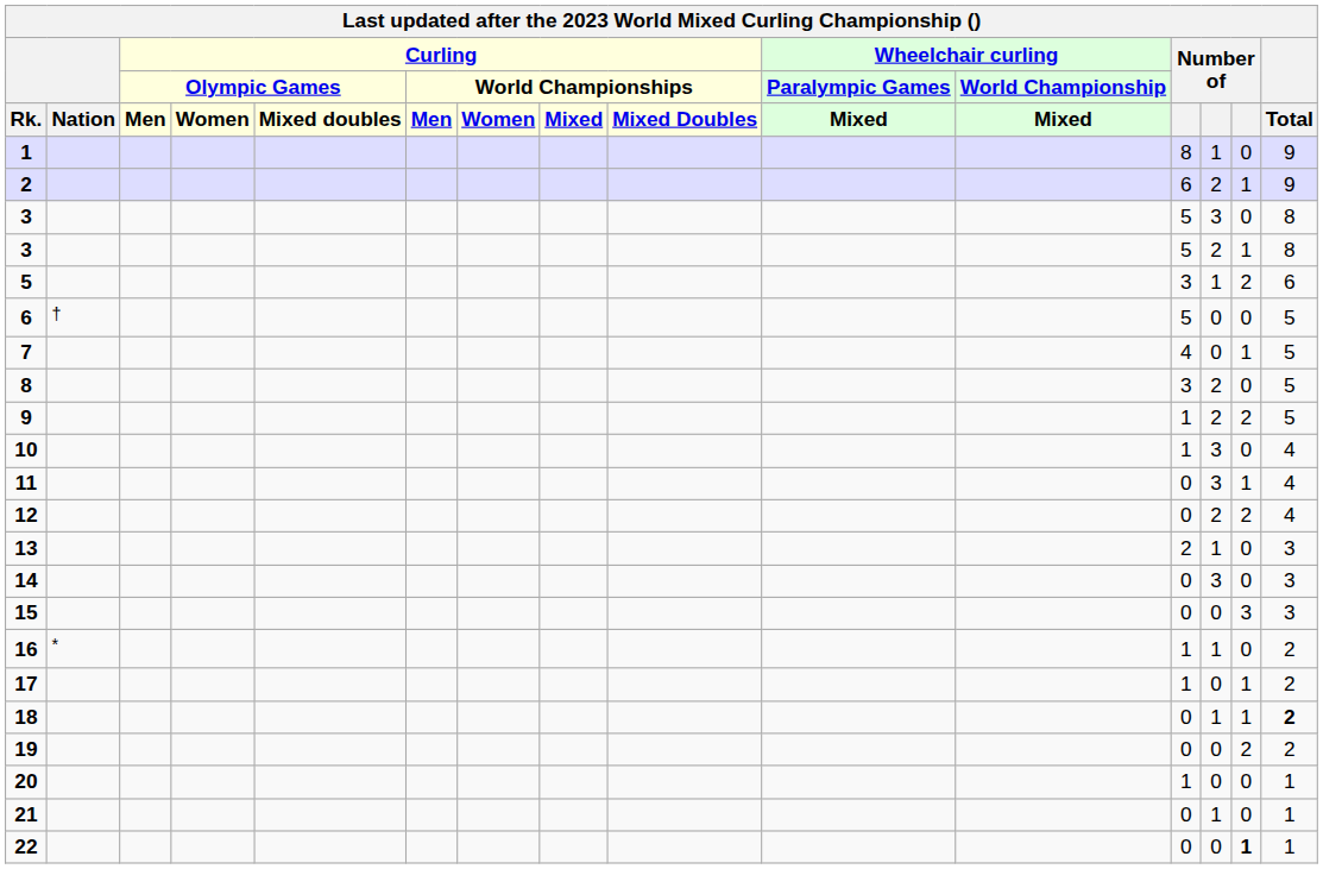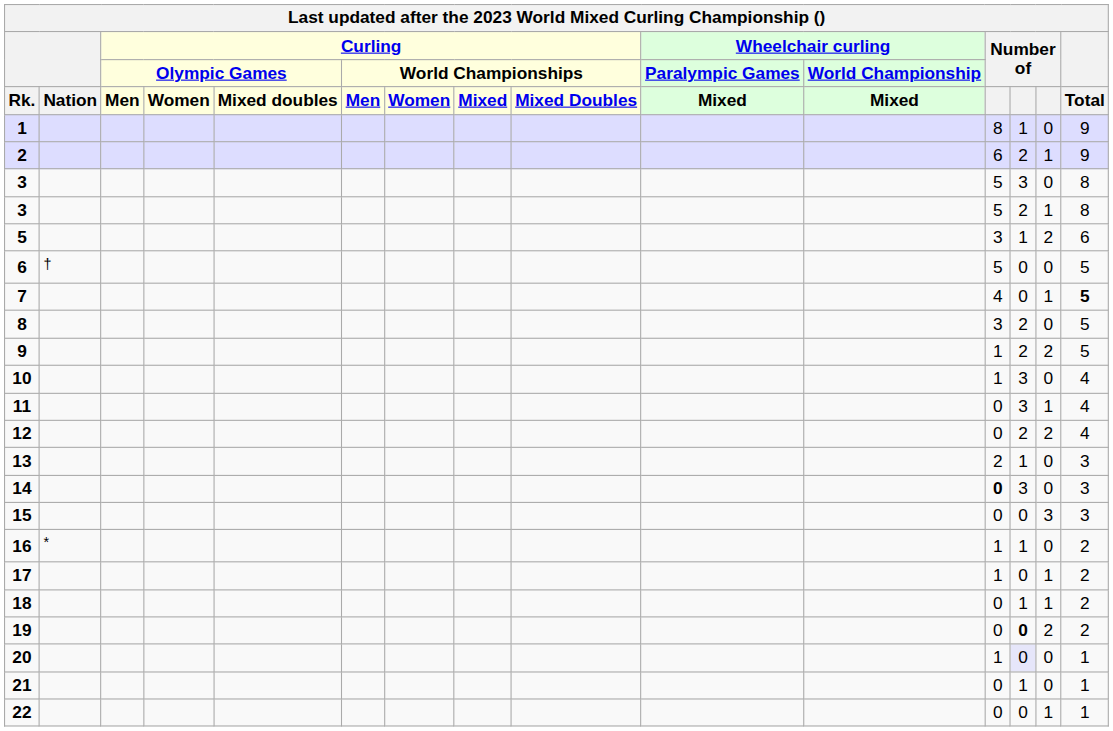 <table class="wikitable" style="margin-top: 0em; text-align: center; font-size: 100%;">
 <tr>
 <th colspan="15">Last updated after the 2023 World Mixed Curling Championship ()</th>
 </tr>
 <tr>
 <th rowspan="2" colspan="2"></th>
 <th colspan="7" style="background: #ffd;"><a href='#'>Curling</a></th>
 <th colspan="2" style="background: #dfd;"><a href='#'>Wheelchair curling</a></th>
 <th rowspan="2" colspan="3">Number of</th>
 <th rowspan="2"></th>
 </tr>
 <tr>
 <th colspan="3" style="background: #ffd;"><a href='#'>Olympic Games</a></th>
 <th colspan="4" style="background: #ffd;">World Championships</th>
 <th style="background: #dfd;"><a href='#'>Paralympic Games</a></th>
 <th style="background: #dfd;"><a href='#'>World Championship</a></th>
 </tr>
 <tr>
 <th style="width: 1em;">Rk.</th>
 <th>Nation</th>
 <th style="background: #ffd;">Men</th>
 <th style="background: #ffd;">Women</th>
 <th style="background: #ffd;">Mixed doubles</th>
 <th style="background: #ffd;"><a href='#'>Men</a></th>
 <th style="background: #ffd;"><a href='#'>Women</a></th>
 <th style="background: #ffd;"><a href='#'>Mixed</a></th>
 <th style="background: #ffd;"><a href='#'>Mixed Doubles</a></th>
 <th style="background: #dfd;">Mixed</th>
 <th style="background: #dfd;">Mixed</th>
 <th style="width: 1em;"></th>
 <th style="width: 1em;"></th>
 <th style="width: 1em;"></th>
 <th style="width: 1em;">Total</th>
 </tr>
 <tr style="background: #ddf;">
 <td><strong>1</strong></td>
 <td style="text-align: left;"></td>
 <td></td>
 <td></td>
 <td></td>
 <td></td>
 <td></td>
 <td></td>
 <td></td>
 <td></td>
 <td></td>
 <td>8</td>
 <td>1</td>
 <td>0</td>
 <td>9</td>
 </tr>
 <tr style="background: #ddf;">
 <td><strong>2</strong></td>
 <td style="text-align: left;"></td>
 <td></td>
 <td></td>
 <td></td>
 <td></td>
 <td></td>
 <td></td>
 <td></td>
 <td></td>
 <td></td>
 <td>6</td>
 <td>2</td>
 <td>1</td>
 <td>9</td>
 </tr>
 <tr>
 <td><strong>3</strong></td>
 <td style="text-align: left;"></td>
 <td></td>
 <td></td>
 <td></td>
 <td></td>
 <td></td>
 <td></td>
 <td></td>
 <td></td>
 <td></td>
 <td>5</td>
 <td>3</td>
 <td>0</td>
 <td>8</td>
 </tr>
 <tr>
 <td><strong>3</strong></td>
 <td style="text-align: left;"></td>
 <td></td>
 <td></td>
 <td></td>
 <td></td>
 <td></td>
 <td></td>
 <td></td>
 <td></td>
 <td></td>
 <td>5</td>
 <td>2</td>
 <td>1</td>
 <td>8</td>
 </tr>
 <tr>
 <td><strong>5</strong></td>
 <td style="text-align: left;"></td>
 <td></td>
 <td></td>
 <td></td>
 <td></td>
 <td></td>
 <td></td>
 <td></td>
 <td></td>
 <td></td>
 <td>3</td>
 <td>1</td>
 <td>2</td>
 <td>6</td>
 </tr>
 <tr>
 <td><strong>6</strong></td>
 <td style="text-align: left;"><sup>†</sup></td>
 <td></td>
 <td></td>
 <td></td>
 <td></td>
 <td></td>
 <td></td>
 <td></td>
 <td></td>
 <td></td>
 <td>5</td>
 <td>0</td>
 <td>0</td>
 <td>5</td>
 </tr>
 <tr>
 <td><strong>7</strong></td>
 <td style="text-align: left;"></td>
 <td></td>
 <td></td>
 <td></td>
 <td></td>
 <td></td>
 <td></td>
 <td></td>
 <td></td>
 <td></td>
 <td>4</td>
 <td>0</td>
 <td>1</td>
-<td>5</td>
+<td><strong>5</strong></td>
 </tr>
 <tr>
 <td><strong>8</strong></td>
 <td style="text-align: left;"></td>
 <td></td>
 <td></td>
 <td></td>
 <td></td>
 <td></td>
 <td></td>
 <td></td>
 <td></td>
 <td></td>
 <td>3</td>
 <td>2</td>
 <td>0</td>
 <td>5</td>
 </tr>
 <tr>
 <td><strong>9</strong></td>
 <td style="text-align: left;"></td>
 <td></td>
 <td></td>
 <td></td>
 <td></td>
 <td></td>
 <td></td>
 <td></td>
 <td></td>
 <td></td>
 <td>1</td>
 <td>2</td>
 <td>2</td>
 <td>5</td>
 </tr>
 <tr>
 <td><strong>10</strong></td>
 <td style="text-align: left;"></td>
 <td></td>
 <td></td>
 <td></td>
 <td></td>
 <td></td>
 <td></td>
 <td></td>
 <td></td>
 <td></td>
 <td>1</td>
 <td>3</td>
 <td>0</td>
 <td>4</td>
 </tr>
 <tr>
 <td><strong>11</strong></td>
 <td style="text-align: left;"></td>
 <td></td>
 <td></td>
 <td></td>
 <td></td>
 <td></td>
 <td></td>
 <td></td>
 <td></td>
 <td></td>
 <td>0</td>
 <td>3</td>
 <td>1</td>
 <td>4</td>
 </tr>
 <tr>
 <td><strong>12</strong></td>
 <td style="text-align: left;"></td>
 <td></td>
 <td></td>
 <td></td>
 <td></td>
 <td></td>
 <td></td>
 <td></td>
 <td></td>
 <td></td>
 <td>0</td>
 <td>2</td>
 <td>2</td>
 <td>4</td>
 </tr>
 <tr>
 <td><strong>13</strong></td>
 <td style="text-align: left;"></td>
 <td></td>
 <td></td>
 <td></td>
 <td></td>
 <td></td>
 <td></td>
 <td></td>
 <td></td>
 <td></td>
 <td>2</td>
 <td>1</td>
 <td>0</td>
 <td>3</td>
 </tr>
 <tr>
 <td><strong>14</strong></td>
 <td style="text-align: left;"></td>
 <td></td>
 <td></td>
 <td></td>
 <td></td>
 <td></td>
 <td></td>
 <td></td>
 <td></td>
 <td></td>
-<td>0</td>
+<td><strong>0</strong></td>
 <td>3</td>
 <td>0</td>
 <td>3</td>
 </tr>
 <tr>
 <td><strong>15</strong></td>
 <td style="text-align: left;"></td>
 <td></td>
 <td></td>
 <td></td>
 <td></td>
 <td></td>
 <td></td>
 <td></td>
 <td></td>
 <td></td>
 <td>0</td>
 <td>0</td>
 <td>3</td>
 <td>3</td>
 </tr>
 <tr>
 <td><strong>16</strong></td>
 <td style="text-align: left;"><em></em><sup>*</sup></td>
 <td></td>
 <td></td>
 <td></td>
 <td></td>
 <td></td>
 <td></td>
 <td></td>
 <td></td>
 <td></td>
 <td>1</td>
 <td>1</td>
 <td>0</td>
 <td>2</td>
 </tr>
 <tr>
 <td><strong>17</strong></td>
 <td style="text-align: left;"></td>
 <td></td>
 <td></td>
 <td></td>
 <td></td>
 <td></td>
 <td></td>
 <td></td>
 <td></td>
 <td></td>
 <td>1</td>
 <td>0</td>
 <td>1</td>
 <td>2</td>
 </tr>
 <tr>
 <td><strong>18</strong></td>
 <td style="text-align: left;"></td>
 <td></td>
 <td></td>
 <td></td>
 <td></td>
 <td></td>
 <td></td>
 <td></td>
 <td></td>
 <td></td>
 <td>0</td>
 <td>1</td>
 <td>1</td>
-<td><strong>2</strong></td>
+<td>2</td>
 </tr>
 <tr>
 <td><strong>19</strong></td>
 <td style="text-align: left;"></td>
 <td></td>
 <td></td>
 <td></td>
 <td></td>
 <td></td>
 <td></td>
 <td></td>
 <td></td>
 <td></td>
 <td>0</td>
-<td>0</td>
+<td><strong>0</strong></td>
 <td>2</td>
 <td>2</td>
 </tr>
 <tr>
 <td><strong>20</strong></td>
 <td style="text-align: left;"></td>
 <td></td>
 <td></td>
 <td></td>
 <td></td>
 <td></td>
 <td></td>
 <td></td>
 <td></td>
 <td></td>
 <td>1</td>
-<td>0</td>
+<td style="background: lavender;">0</td>
 <td>0</td>
 <td>1</td>
 </tr>
 <tr>
 <td><strong>21</strong></td>
 <td style="text-align: left;"></td>
 <td></td>
 <td></td>
 <td></td>
 <td></td>
 <td></td>
 <td></td>
 <td></td>
 <td></td>
 <td></td>
 <td>0</td>
 <td>1</td>
 <td>0</td>
 <td>1</td>
 </tr>
 <tr>
 <td><strong>22</strong></td>
 <td style="text-align: left;"></td>
 <td></td>
 <td></td>
 <td></td>
 <td></td>
 <td></td>
 <td></td>
 <td></td>
 <td></td>
 <td></td>
 <td>0</td>
 <td>0</td>
-<td><strong>1</strong></td>
+<td>1</td>
 <td>1</td>
 </tr>
 </table>
